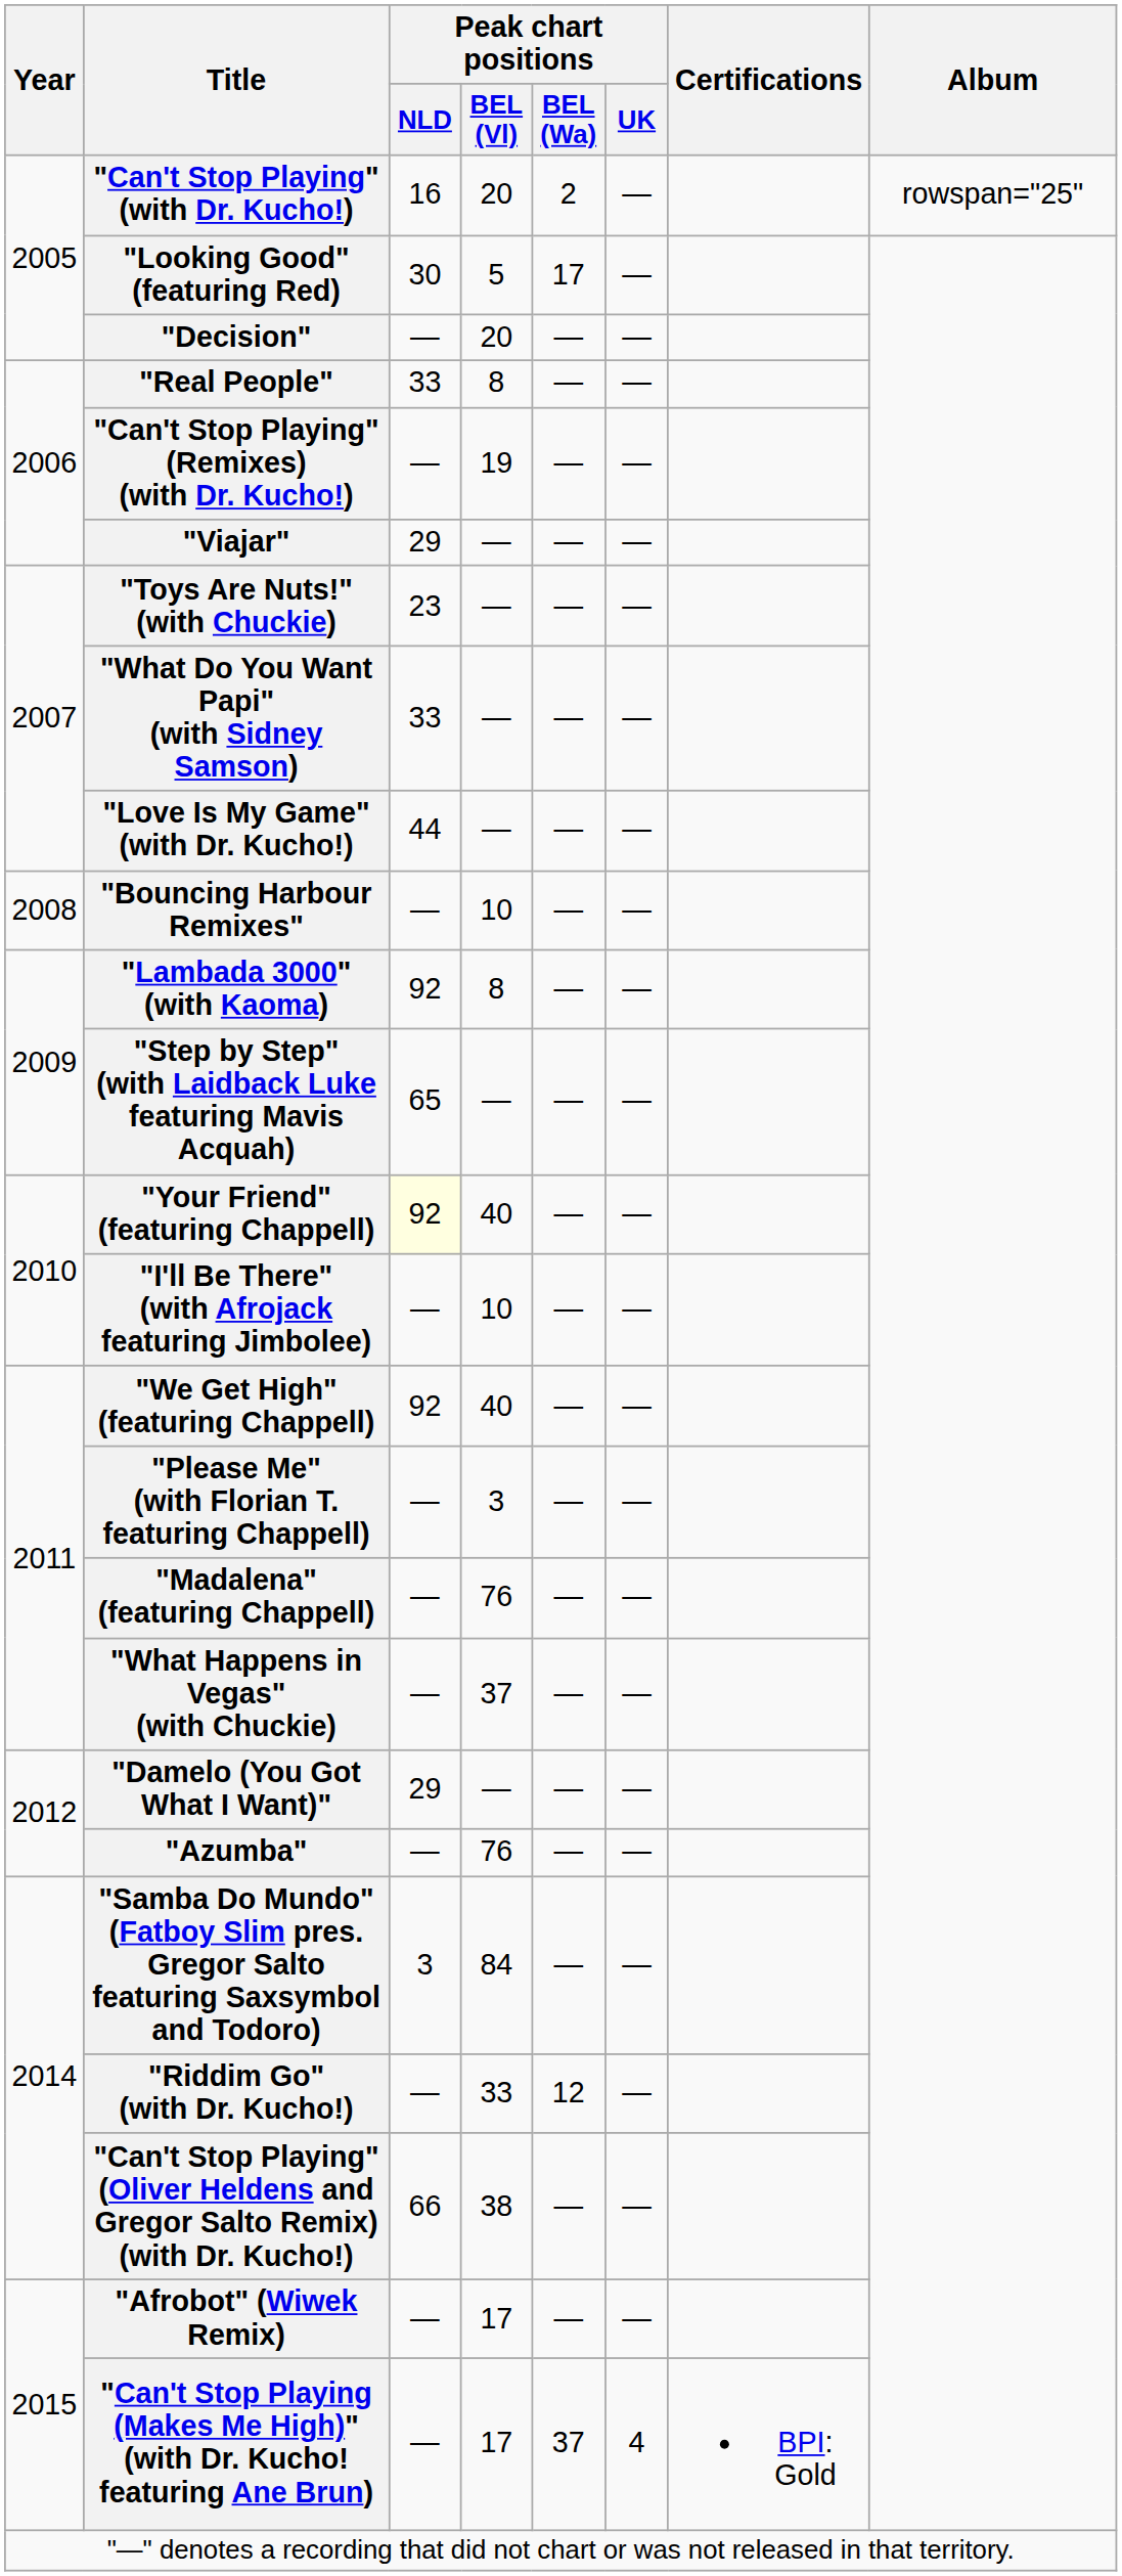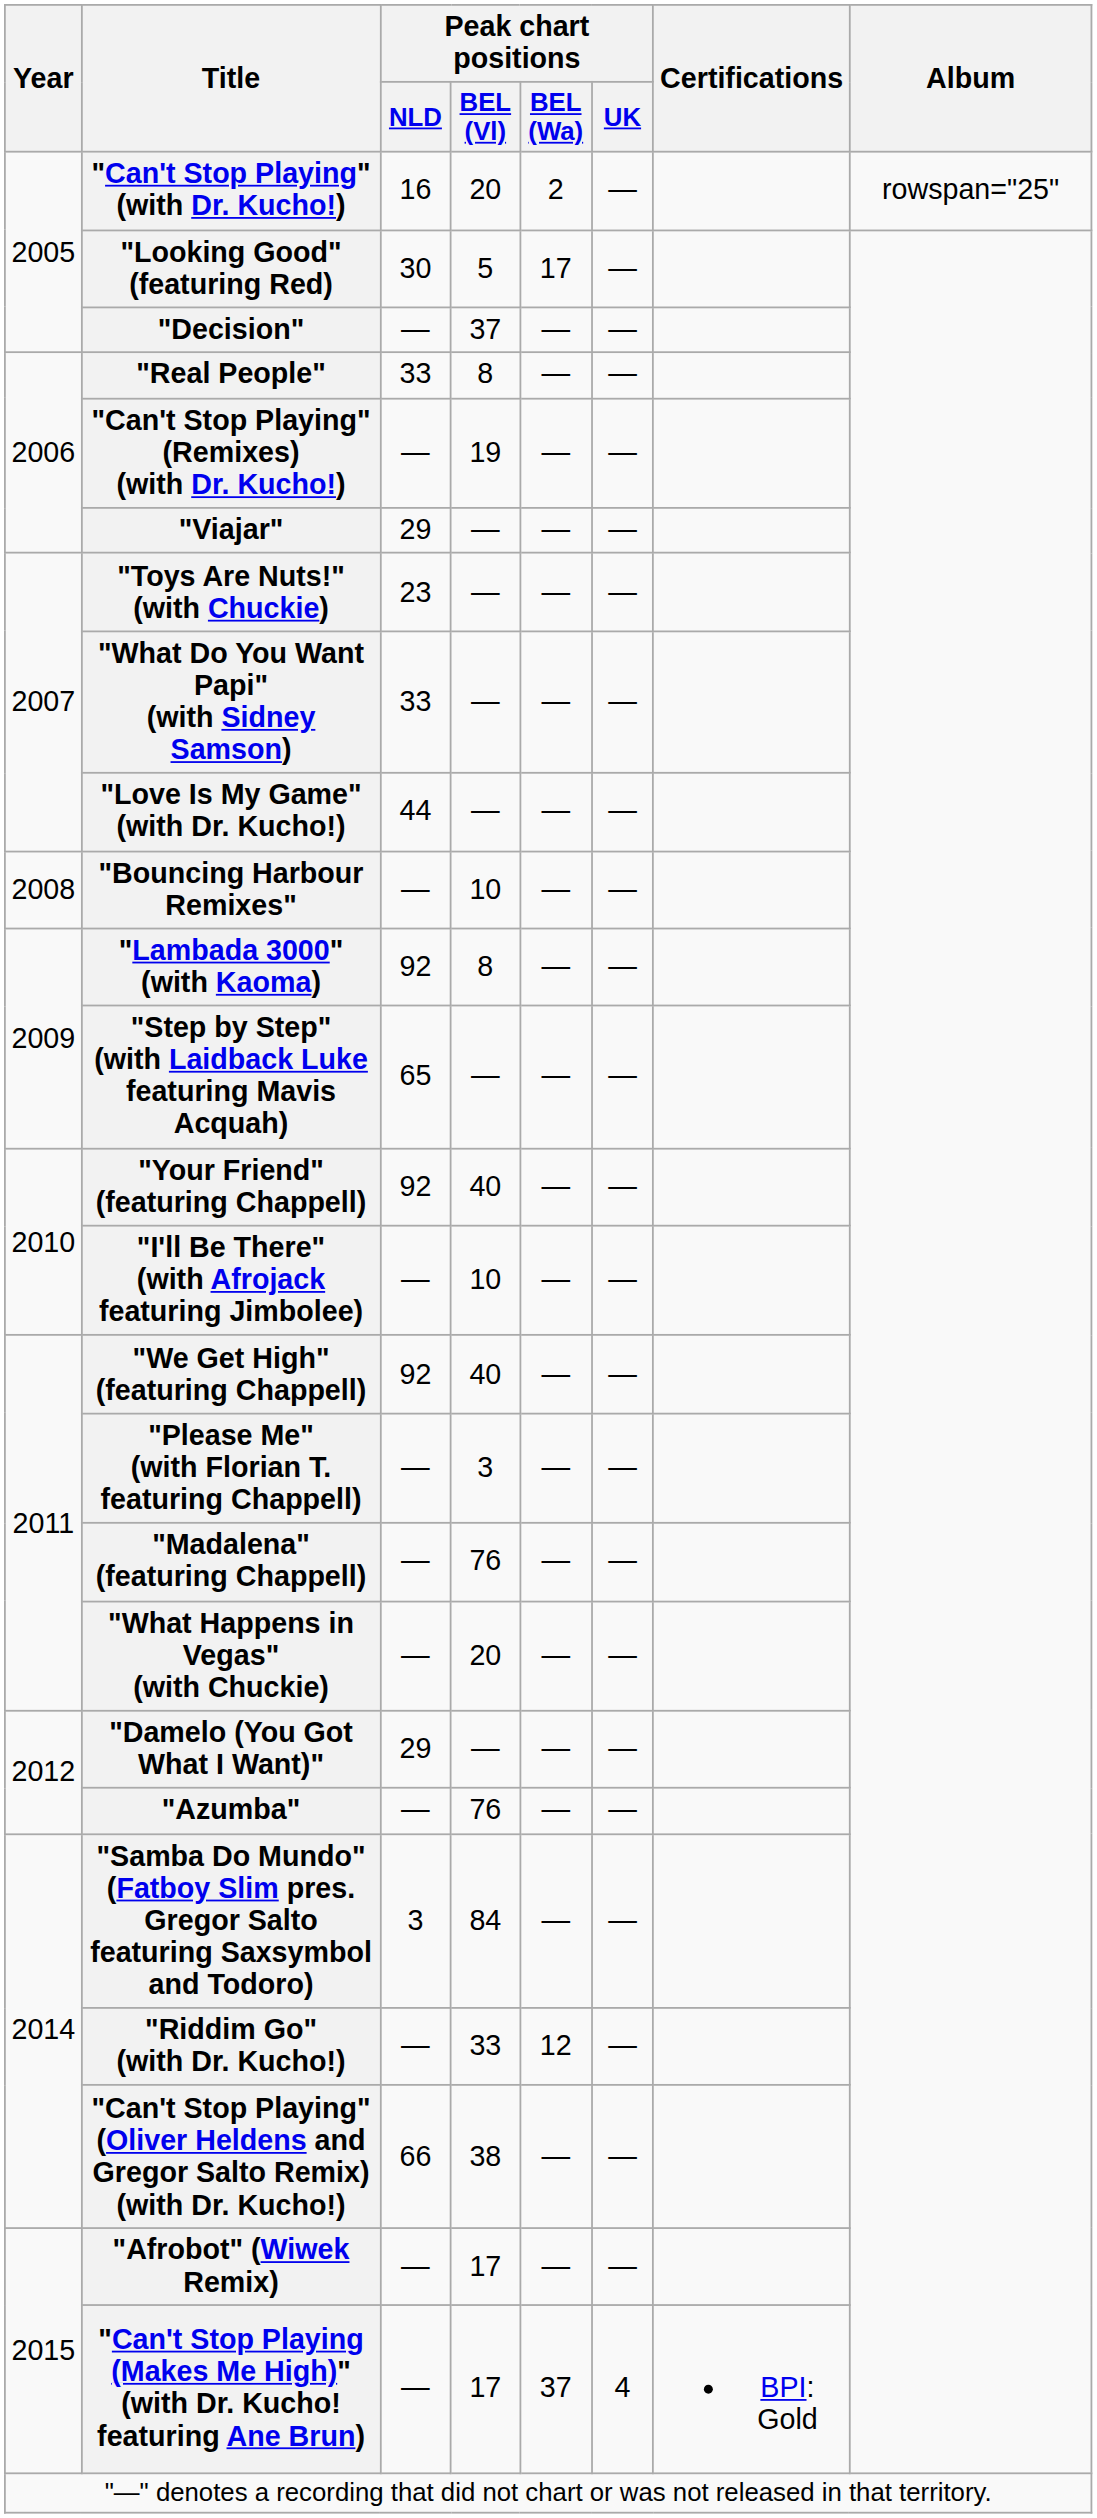 <table class="wikitable plainrowheaders" style="text-align:center;">
 <tr>
 <th scope="col" rowspan="2" style="width:1em;">Year</th>
 <th scope="col" rowspan="2" style="width:15em;">Title</th>
 <th scope="col" colspan="4">Peak chart positions</th>
 <th scope="col" rowspan="2">Certifications</th>
 <th scope="col" rowspan="2" style="width:10em;">Album</th>
 </tr>
 <tr>
 <th scope="col" style="width:2.5em;font-size:90%;"><a href='#'>NLD</a><br></th>
 <th scope="col" style="width:2.5em;font-size:90%;"><a href='#'>BEL (Vl)</a><br></th>
 <th scope="col" style="width:2.5em;font-size:90%;"><a href='#'>BEL (Wa)</a><br></th>
 <th scope="col" style="width:2.5em;font-size:90%;"><a href='#'>UK</a><br></th>
 </tr>
 <tr>
 <td rowspan="3">2005</td>
 <th scope="row">"<a href='#'>Can't Stop Playing</a>" <br><span>(with <a href='#'>Dr. Kucho!</a>)</span></th>
 <td>16</td>
 <td>20</td>
 <td>2</td>
 <td>—</td>
 <td></td>
 <td>rowspan="25" </td>
 </tr>
 <tr>
 <th scope="row">"Looking Good" <br><span>(featuring Red)</span></th>
 <td>30</td>
 <td>5</td>
 <td>17</td>
 <td>—</td>
 <td></td>
 </tr>
 <tr>
 <th scope="row">"Decision"</th>
 <td>—</td>
-<td>20</td>
+<td>37</td>
 <td>—</td>
 <td>—</td>
 <td></td>
 </tr>
 <tr>
 <td rowspan="3">2006</td>
 <th scope="row">"Real People"</th>
 <td>33</td>
 <td>8</td>
 <td>—</td>
 <td>—</td>
 <td></td>
 </tr>
 <tr>
 <th scope="row">"Can't Stop Playing" (Remixes) <br><span>(with <a href='#'>Dr. Kucho!</a>)</span></th>
 <td>—</td>
 <td>19</td>
 <td>—</td>
 <td>—</td>
 <td></td>
 </tr>
 <tr>
 <th scope="row">"Viajar"</th>
 <td>29</td>
 <td>—</td>
 <td>—</td>
 <td>—</td>
 <td></td>
 </tr>
 <tr>
 <td rowspan="3">2007</td>
 <th scope="row">"Toys Are Nuts!" <br><span>(with <a href='#'>Chuckie</a>)</span></th>
 <td>23</td>
 <td>—</td>
 <td>—</td>
 <td>—</td>
 <td></td>
 </tr>
 <tr>
 <th scope="row">"What Do You Want Papi" <br><span>(with <a href='#'>Sidney Samson</a>)</span></th>
 <td>33</td>
 <td>—</td>
 <td>—</td>
 <td>—</td>
 <td></td>
 </tr>
 <tr>
 <th scope="row">"Love Is My Game" <br><span>(with Dr. Kucho!)</span></th>
 <td>44</td>
 <td>—</td>
 <td>—</td>
 <td>—</td>
 <td></td>
 </tr>
 <tr>
 <td rowspan="1">2008</td>
 <th scope="row">"Bouncing Harbour Remixes"</th>
 <td>—</td>
 <td>10</td>
 <td>—</td>
 <td>—</td>
 <td></td>
 </tr>
 <tr>
 <td rowspan="2">2009</td>
 <th scope="row">"<a href='#'>Lambada 3000</a>" <br><span>(with <a href='#'>Kaoma</a>)</span></th>
 <td>92</td>
 <td>8</td>
 <td>—</td>
 <td>—</td>
 <td></td>
 </tr>
 <tr>
 <th scope="row">"Step by Step" <br><span>(with <a href='#'>Laidback Luke</a> featuring Mavis Acquah)</span></th>
 <td>65</td>
 <td>—</td>
 <td>—</td>
 <td>—</td>
 <td></td>
 </tr>
 <tr>
 <td rowspan="2">2010</td>
 <th scope="row">"Your Friend" <br><span>(featuring Chappell)</span></th>
-<td style="background: lightyellow;">92</td>
+<td>92</td>
 <td>40</td>
 <td>—</td>
 <td>—</td>
 <td></td>
 </tr>
 <tr>
 <th scope="row">"I'll Be There" <br><span>(with <a href='#'>Afrojack</a> featuring Jimbolee)</span></th>
 <td>—</td>
 <td>10</td>
 <td>—</td>
 <td>—</td>
 <td></td>
 </tr>
 <tr>
 <td rowspan="4">2011</td>
 <th scope="row">"We Get High" <br><span>(featuring Chappell)</span></th>
 <td>92</td>
 <td>40</td>
 <td>—</td>
 <td>—</td>
 <td></td>
 </tr>
 <tr>
 <th scope="row">"Please Me" <br><span>(with Florian T. featuring Chappell)</span></th>
 <td>—</td>
 <td>3</td>
 <td>—</td>
 <td>—</td>
 <td></td>
 </tr>
 <tr>
 <th scope="row">"Madalena" <br><span>(featuring Chappell)</span></th>
 <td>—</td>
 <td>76</td>
 <td>—</td>
 <td>—</td>
 <td></td>
 </tr>
 <tr>
 <th scope="row">"What Happens in Vegas" <br><span>(with Chuckie)</span></th>
 <td>—</td>
-<td>37</td>
+<td>20</td>
 <td>—</td>
 <td>—</td>
 <td></td>
 </tr>
 <tr>
 <td rowspan="2">2012</td>
 <th scope="row">"Damelo (You Got What I Want)"</th>
 <td>29</td>
 <td>—</td>
 <td>—</td>
 <td>—</td>
 <td></td>
 </tr>
 <tr>
 <th scope="row">"Azumba"</th>
 <td>—</td>
 <td>76</td>
 <td>—</td>
 <td>—</td>
 <td></td>
 </tr>
 <tr>
 <td rowspan="3">2014</td>
 <th scope="row">"Samba Do Mundo" <br><span>(<a href='#'>Fatboy Slim</a> pres. Gregor Salto featuring Saxsymbol and Todoro)</span></th>
 <td>3</td>
 <td>84</td>
 <td>—</td>
 <td>—</td>
 <td></td>
 </tr>
 <tr>
 <th scope="row">"Riddim Go" <br><span>(with Dr. Kucho!)</span></th>
 <td>—</td>
 <td>33</td>
 <td>12</td>
 <td>—</td>
 <td></td>
 </tr>
 <tr>
 <th scope="row">"Can't Stop Playing" (<a href='#'>Oliver Heldens</a> and Gregor Salto Remix) <br><span>(with Dr. Kucho!)</span></th>
 <td>66</td>
 <td>38</td>
 <td>—</td>
 <td>—</td>
 <td></td>
 </tr>
 <tr>
 <td rowspan="2">2015</td>
 <th scope="row">"Afrobot" (<a href='#'>Wiwek</a> Remix)</th>
 <td>—</td>
 <td>17</td>
 <td>—</td>
 <td>—</td>
 <td></td>
 </tr>
 <tr>
 <th scope="row">"<a href='#'>Can't Stop Playing (Makes Me High)</a>" <br><span>(with Dr. Kucho! featuring <a href='#'>Ane Brun</a>)</span></th>
 <td>—</td>
 <td>17</td>
 <td>37</td>
 <td>4</td>
 <td><br><ul><li><a href='#'>BPI</a>: Gold</li></ul></td>
 </tr>
 <tr>
 <td colspan="16" style="font-size:90%">"—" denotes a recording that did not chart or was not released in that territory.</td>
 </tr>
 </table>
